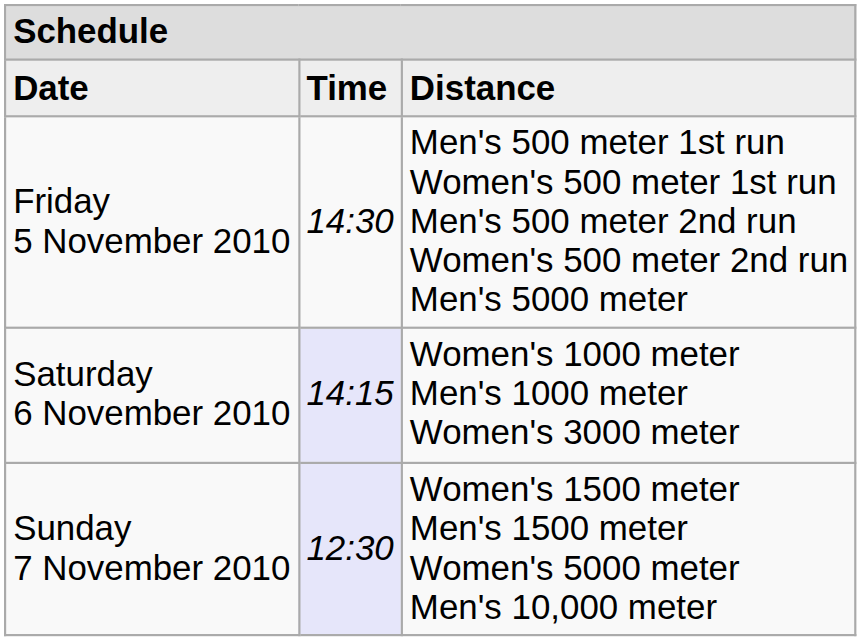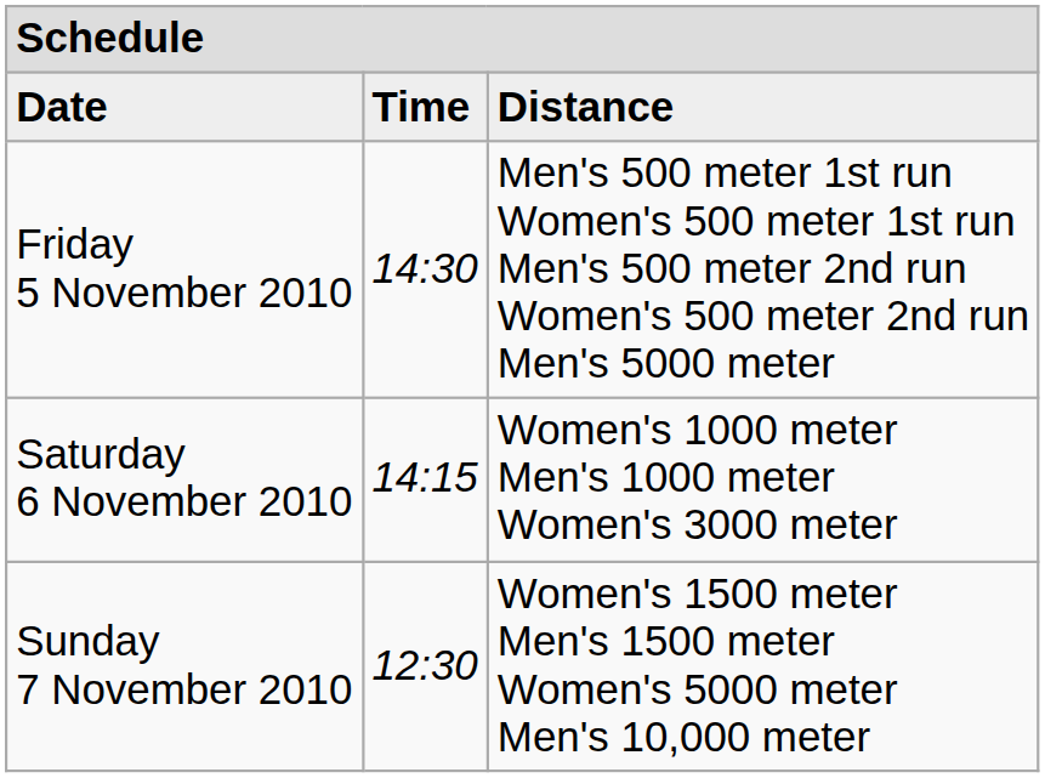 <table class="wikitable">
 <tr align=left bgcolor=#DDDDDD>
 <td colspan=3><strong>Schedule</strong></td>
 </tr>
 <tr align=left bgcolor=#EEEEEE>
 <td><strong>Date</strong></td>
 <td><strong>Time</strong></td>
 <td><strong>Distance</strong></td>
 </tr>
 <tr>
 <td>Friday<br>5 November 2010</td>
 <td><em>14:30</em></td>
 <td>Men's 500 meter 1st run<br>Women's 500 meter 1st run<br>Men's 500 meter 2nd run<br>Women's 500 meter 2nd run<br>Men's 5000 meter</td>
 </tr>
 <tr>
 <td>Saturday<br>6 November 2010</td>
-<td style="background: lavender;"><em>14:15</em></td>
+<td><em>14:15</em></td>
 <td>Women's 1000 meter<br>Men's 1000 meter<br>Women's 3000 meter</td>
 </tr>
 <tr>
 <td>Sunday<br>7 November 2010</td>
-<td style="background: lavender;"><em>12:30</em></td>
+<td><em>12:30</em></td>
 <td>Women's 1500 meter<br>Men's 1500 meter<br>Women's 5000 meter<br>Men's 10,000 meter</td>
 </tr>
 </table>
